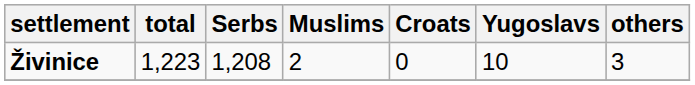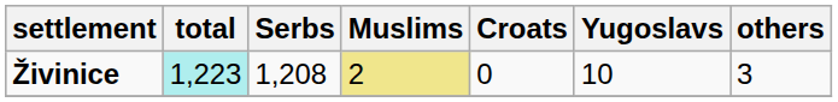 <table class="wikitable" style="font-size:95%;">
 <tr>
 <th>settlement</th>
 <th>total</th>
 <th>Serbs</th>
 <th>Muslims</th>
 <th>Croats</th>
 <th>Yugoslavs</th>
 <th>others</th>
 </tr>
 <tr>
 <td><strong>Živinice</strong></td>
-<td>1,223</td>
+<td style="background: paleturquoise;">1,223</td>
 <td>1,208</td>
-<td>2</td>
+<td style="background: khaki;">2</td>
 <td>0</td>
 <td>10</td>
 <td>3</td>
 </tr>
 <tr>
 </tr>
 </table>
